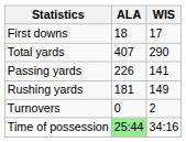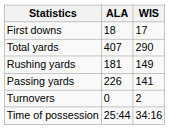 <table class="wikitable" style="float: left;">
 <tr>
 <th>Statistics</th>
 <th>ALA</th>
 <th>WIS</th>
 </tr>
 <tr>
 <td>First downs</td>
 <td>18</td>
 <td>17</td>
 </tr>
 <tr>
 <td>Total yards</td>
 <td>407</td>
 <td>290</td>
 </tr>
 <tr>
+<td>Rushing yards</td>
+<td>181</td>
+<td>149</td>
+</tr>
+<tr>
 <td>Passing yards</td>
 <td>226</td>
 <td>141</td>
-</tr>
-<tr>
-<td>Rushing yards</td>
-<td>181</td>
-<td>149</td>
 </tr>
 <tr>
 <td>Turnovers</td>
 <td>0</td>
 <td>2</td>
 </tr>
 <tr>
 <td>Time of possession</td>
-<td style="background: lightgreen;">25:44</td>
+<td>25:44</td>
 <td>34:16</td>
 </tr>
 </table>
